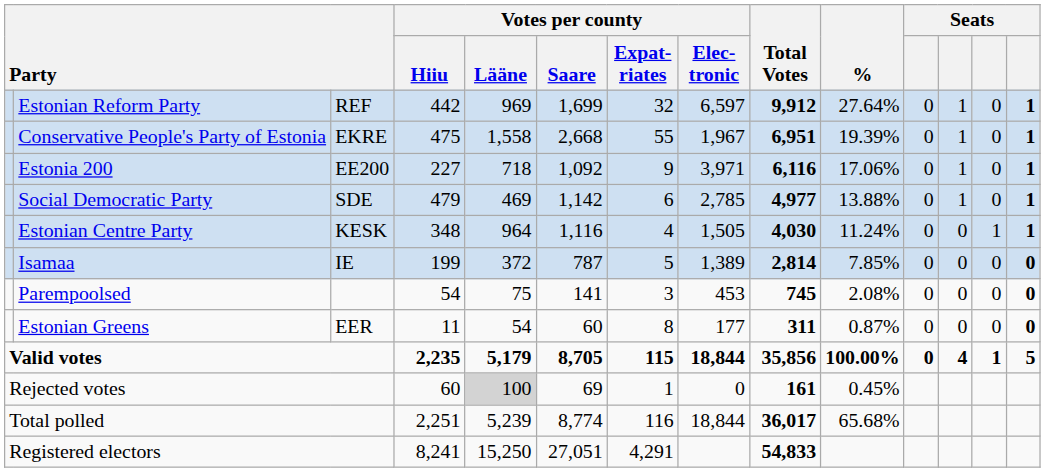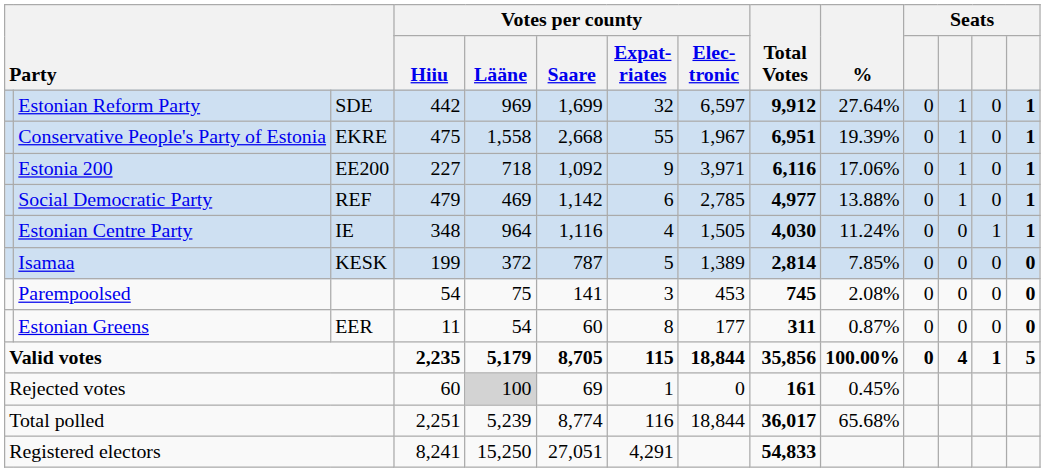 <table class="wikitable" border="1" style="text-align:right;">
 <tr>
 <th style="text-align:left;" valign=bottom rowspan=2 colspan=3>Party</th>
 <th colspan=5>Votes per county</th>
 <th align=center valign=bottom rowspan=2 width="50">Total Votes</th>
 <th align=center valign=bottom rowspan=2 width="50">%</th>
 <th colspan=4>Seats</th>
 </tr>
 <tr>
 <th align=center valign=bottom width="50"><a href='#'>Hiiu</a></th>
 <th align=center valign=bottom width="50"><a href='#'>Lääne</a></th>
 <th align=center valign=bottom width="50"><a href='#'>Saare</a></th>
 <th align=center valign=bottom width="50"><a href='#'>Expat- riates</a></th>
 <th align=center valign=bottom width="50"><a href='#'>Elec- tronic</a></th>
 <th align=center valign=bottom width="20"><small></small></th>
 <th align=center valign=bottom width="20"><small></small></th>
 <th align=center valign=bottom width="20"><small></small></th>
 <th align=center valign=bottom width="20"><small></small></th>
 </tr>
 <tr style="background:#CEE0F2;">
 <td style="background:"></td>
 <td align=left><a href='#'>Estonian Reform Party</a></td>
-<td align=left>REF</td>
+<td align=left>SDE</td>
 <td>442</td>
 <td>969</td>
 <td>1,699</td>
 <td>32</td>
 <td>6,597</td>
 <td><strong>9,912</strong></td>
 <td>27.64%</td>
 <td>0</td>
 <td>1</td>
 <td>0</td>
 <td><strong>1</strong></td>
 </tr>
 <tr style="background:#CEE0F2;">
 <td style="background:"></td>
 <td align=left><a href='#'>Conservative People's Party of Estonia</a></td>
 <td align=left>EKRE</td>
 <td>475</td>
 <td>1,558</td>
 <td>2,668</td>
 <td>55</td>
 <td>1,967</td>
 <td><strong>6,951</strong></td>
 <td>19.39%</td>
 <td>0</td>
 <td>1</td>
 <td>0</td>
 <td><strong>1</strong></td>
 </tr>
 <tr style="background:#CEE0F2;">
 <td style="background:"></td>
 <td align=left><a href='#'>Estonia 200</a></td>
 <td align=left>EE200</td>
 <td>227</td>
 <td>718</td>
 <td>1,092</td>
 <td>9</td>
 <td>3,971</td>
 <td><strong>6,116</strong></td>
 <td>17.06%</td>
 <td>0</td>
 <td>1</td>
 <td>0</td>
 <td><strong>1</strong></td>
 </tr>
 <tr style="background:#CEE0F2;">
 <td style="background:"></td>
 <td align=left><a href='#'>Social Democratic Party</a></td>
-<td align=left>SDE</td>
+<td align=left>REF</td>
 <td>479</td>
 <td>469</td>
 <td>1,142</td>
 <td>6</td>
 <td>2,785</td>
 <td><strong>4,977</strong></td>
 <td>13.88%</td>
 <td>0</td>
 <td>1</td>
 <td>0</td>
 <td><strong>1</strong></td>
 </tr>
 <tr style="background:#CEE0F2;">
 <td style="background:"></td>
 <td align=left><a href='#'>Estonian Centre Party</a></td>
-<td align=left>KESK</td>
+<td align=left>IE</td>
 <td>348</td>
 <td>964</td>
 <td>1,116</td>
 <td>4</td>
 <td>1,505</td>
 <td><strong>4,030</strong></td>
 <td>11.24%</td>
 <td>0</td>
 <td>0</td>
 <td>1</td>
 <td><strong>1</strong></td>
 </tr>
 <tr style="background:#CEE0F2;">
 <td style="background:"></td>
 <td align=left><a href='#'>Isamaa</a></td>
-<td align=left>IE</td>
+<td align=left>KESK</td>
 <td>199</td>
 <td>372</td>
 <td>787</td>
 <td>5</td>
 <td>1,389</td>
 <td><strong>2,814</strong></td>
 <td>7.85%</td>
 <td>0</td>
 <td>0</td>
 <td>0</td>
 <td><strong>0</strong></td>
 </tr>
 <tr>
 <td style="background:"></td>
 <td align=left><a href='#'>Parempoolsed</a></td>
 <td align=left></td>
 <td>54</td>
 <td>75</td>
 <td>141</td>
 <td>3</td>
 <td>453</td>
 <td><strong>745</strong></td>
 <td>2.08%</td>
 <td>0</td>
 <td>0</td>
 <td>0</td>
 <td><strong>0</strong></td>
 </tr>
 <tr>
 <td style="background:"></td>
 <td align=left><a href='#'>Estonian Greens</a></td>
 <td align=left>EER</td>
 <td>11</td>
 <td>54</td>
 <td>60</td>
 <td>8</td>
 <td>177</td>
 <td><strong>311</strong></td>
 <td>0.87%</td>
 <td>0</td>
 <td>0</td>
 <td>0</td>
 <td><strong>0</strong></td>
 </tr>
 <tr style="font-weight:bold">
 <td align=left colspan=3>Valid votes</td>
 <td>2,235</td>
 <td>5,179</td>
 <td>8,705</td>
 <td>115</td>
 <td>18,844</td>
 <td>35,856</td>
 <td>100.00%</td>
 <td>0</td>
 <td>4</td>
 <td>1</td>
 <td>5</td>
 </tr>
 <tr>
 <td align=left colspan=3>Rejected votes</td>
 <td>60</td>
 <td style="background: lightgrey;">100</td>
 <td>69</td>
 <td>1</td>
 <td>0</td>
 <td><strong>161</strong></td>
 <td>0.45%</td>
 <td></td>
 <td></td>
 <td></td>
 <td></td>
 </tr>
 <tr>
 <td align=left colspan=3>Total polled</td>
 <td>2,251</td>
 <td>5,239</td>
 <td>8,774</td>
 <td>116</td>
 <td>18,844</td>
 <td><strong>36,017</strong></td>
 <td>65.68%</td>
 <td></td>
 <td></td>
 <td></td>
 <td></td>
 </tr>
 <tr>
 <td align=left colspan=3>Registered electors</td>
 <td>8,241</td>
 <td>15,250</td>
 <td>27,051</td>
 <td>4,291</td>
 <td></td>
 <td><strong>54,833</strong></td>
 <td></td>
 <td></td>
 <td></td>
 <td></td>
 <td></td>
 </tr>
 </table>
